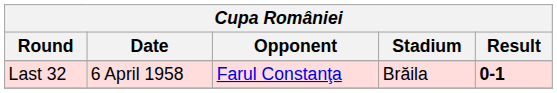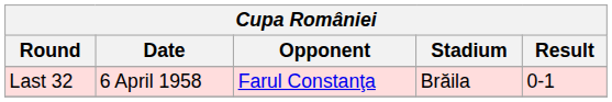 <table class="wikitable" style="width:80%;">
 <tr>
 <th colspan="5" style="text-align:center;"><em>Cupa României</em></th>
 </tr>
 <tr>
 <th>Round</th>
 <th>Date</th>
 <th>Opponent</th>
 <th>Stadium</th>
 <th>Result</th>
 </tr>
 <tr>
 </tr>
 <tr bgcolor="#ffdddd">
 <td>Last 32</td>
 <td>6 April 1958</td>
 <td><a href='#'>Farul Constanţa</a></td>
 <td>Brăila</td>
-<td><strong>0-1</strong></td>
+<td>0-1</td>
 </tr>
 <tr>
 </tr>
 </table>
